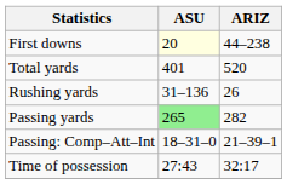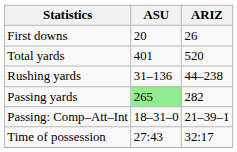 <table class="wikitable" style="float: left;">
 <tr>
 <th>Statistics</th>
 <th>ASU</th>
 <th>ARIZ</th>
 </tr>
 <tr>
 <td>First downs</td>
-<td style="background: lightyellow;">20</td>
-<td>44–238</td>
+<td>20</td>
+<td>26</td>
 </tr>
 <tr>
 <td>Total yards</td>
 <td>401</td>
 <td>520</td>
 </tr>
 <tr>
 <td>Rushing yards</td>
 <td>31–136</td>
-<td>26</td>
+<td>44–238</td>
 </tr>
 <tr>
 <td>Passing yards</td>
 <td style="background: lightgreen;">265</td>
 <td>282</td>
 </tr>
 <tr>
 <td>Passing: Comp–Att–Int</td>
 <td>18–31–0</td>
 <td>21–39–1</td>
 </tr>
 <tr>
 <td>Time of possession</td>
 <td>27:43</td>
 <td>32:17</td>
 </tr>
 <tr>
 </tr>
 </table>
